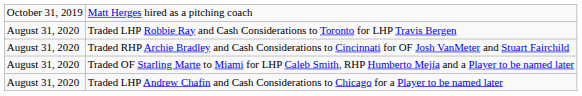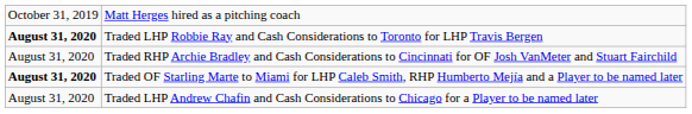 <table class="wikitable">
 <tr>
 <td>October 31, 2019</td>
 <td><a href='#'>Matt Herges</a> hired as a pitching coach</td>
 </tr>
 <tr>
-<td>August 31, 2020</td>
+<td><strong>August 31, 2020</strong></td>
 <td>Traded LHP <a href='#'>Robbie Ray</a> and Cash Considerations to <a href='#'>Toronto</a> for LHP <a href='#'>Travis Bergen</a></td>
 </tr>
 <tr>
 <td>August 31, 2020</td>
 <td>Traded RHP <a href='#'>Archie Bradley</a> and Cash Considerations to <a href='#'>Cincinnati</a> for OF <a href='#'>Josh VanMeter</a> and <a href='#'>Stuart Fairchild</a></td>
 </tr>
 <tr>
-<td>August 31, 2020</td>
+<td><strong>August 31, 2020</strong></td>
 <td>Traded OF <a href='#'>Starling Marte</a> to <a href='#'>Miami</a> for LHP <a href='#'>Caleb Smith</a>, RHP <a href='#'>Humberto Mejía</a> and a <a href='#'>Player to be named later</a></td>
 </tr>
 <tr>
 <td>August 31, 2020</td>
 <td>Traded LHP <a href='#'>Andrew Chafin</a> and Cash Considerations to <a href='#'>Chicago</a> for a <a href='#'>Player to be named later</a></td>
 </tr>
 </table>
